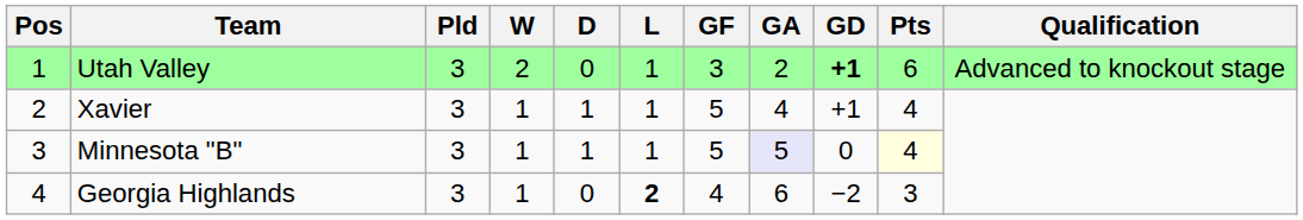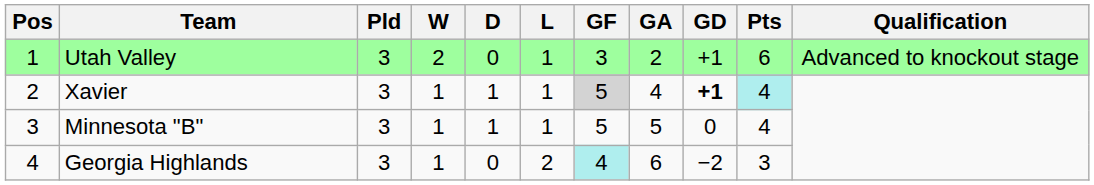 <table class="wikitable" style="text-align:center; margin: 1em auto">
 <tr>
 <th style=width:2em>Pos</th>
 <th style=width:13em>Team</th>
 <th style=width:2em>Pld</th>
 <th style=width:2em>W</th>
 <th style=width:2em>D</th>
 <th style=width:2em>L</th>
 <th style=width:2em>GF</th>
 <th style=width:2em>GA</th>
 <th style=width:2em>GD</th>
 <th style=width:2em>Pts</th>
 <th style=width:13em>Qualification</th>
 </tr>
 <tr bgcolor="#9eff9e">
 <td>1</td>
 <td style="text-align:left">Utah Valley</td>
 <td>3</td>
 <td>2</td>
 <td>0</td>
 <td>1</td>
 <td>3</td>
 <td>2</td>
-<td><strong>+1</strong></td>
+<td>+1</td>
 <td>6</td>
 <td>Advanced to knockout stage</td>
 </tr>
 <tr>
 <td>2</td>
 <td style="text-align:left">Xavier</td>
 <td>3</td>
 <td>1</td>
 <td>1</td>
 <td>1</td>
-<td>5</td>
+<td style="background: lightgrey;">5</td>
 <td>4</td>
-<td>+1</td>
-<td>4</td>
+<td><strong>+1</strong></td>
+<td style="background: paleturquoise;">4</td>
 </tr>
 <tr>
 <td>3</td>
 <td style="text-align:left">Minnesota "B"</td>
 <td>3</td>
 <td>1</td>
 <td>1</td>
 <td>1</td>
 <td>5</td>
-<td style="background: lavender;">5</td>
+<td>5</td>
 <td>0</td>
-<td style="background: lightyellow;">4</td>
+<td>4</td>
 </tr>
 <tr>
 <td>4</td>
 <td style="text-align:left">Georgia Highlands</td>
 <td>3</td>
 <td>1</td>
 <td>0</td>
-<td><strong>2</strong></td>
-<td>4</td>
+<td>2</td>
+<td style="background: paleturquoise;">4</td>
 <td>6</td>
 <td>−2</td>
 <td>3</td>
 </tr>
 </table>
